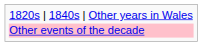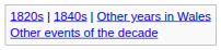 <table class="infobox" id="toc">
 <tr>
 <td align="left"><a href='#'>1820s</a> | <a href='#'>1840s</a> | <a href='#'>Other years in Wales</a></td>
 </tr>
 <tr>
-<td style="background: pink;"><a href='#'>Other events of the decade</a></td>
+<td><a href='#'>Other events of the decade</a></td>
 </tr>
 </table>
